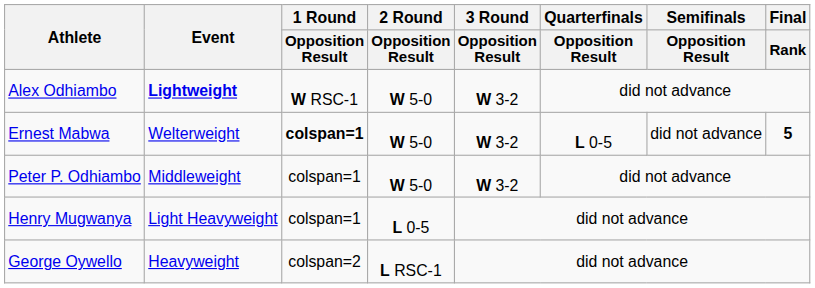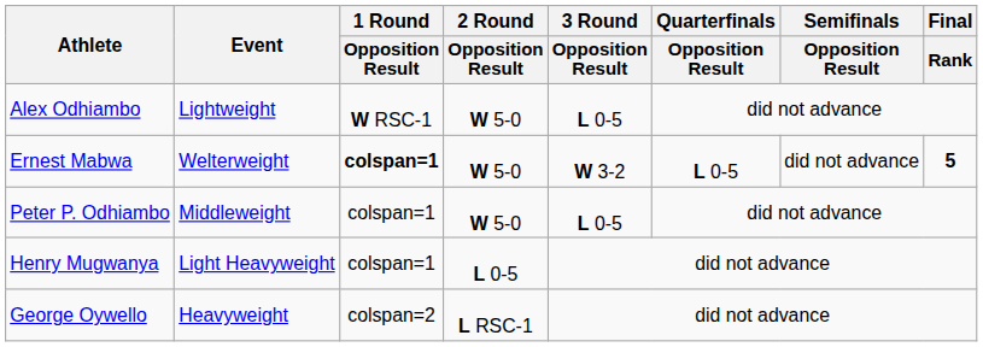 <table class="wikitable" style="font-size:90%">
 <tr>
 <th rowspan="2">Athlete</th>
 <th rowspan="2">Event</th>
 <th>1 Round</th>
 <th>2 Round</th>
 <th>3 Round</th>
 <th>Quarterfinals</th>
 <th>Semifinals</th>
 <th colspan=2>Final</th>
 </tr>
 <tr style="font-size:95%">
 <th>Opposition<br>Result</th>
 <th>Opposition<br>Result</th>
 <th>Opposition<br>Result</th>
 <th>Opposition<br>Result</th>
 <th>Opposition<br>Result</th>
 <th colspan=2>Rank</th>
 </tr>
 <tr align=center>
 <td align=left><a href='#'>Alex Odhiambo</a></td>
-<td align=left><strong><a href='#'>Lightweight</a></strong></td>
+<td align=left><a href='#'>Lightweight</a></td>
 <td><br><strong>W</strong> RSC-1</td>
 <td><br><strong>W</strong> 5-0</td>
-<td><br><strong>W</strong> 3-2</td>
+<td><br><strong>L</strong> 0-5</td>
 <td colspan=5>did not advance</td>
 </tr>
 <tr align=center>
 <td align=left><a href='#'>Ernest Mabwa</a></td>
 <td align=left><a href='#'>Welterweight</a></td>
 <td><strong>colspan=1 </strong></td>
 <td><br><strong>W</strong> 5-0</td>
 <td><br><strong>W</strong> 3-2</td>
 <td><br><strong>L</strong> 0-5</td>
 <td colspan=2>did not advance</td>
 <td><strong>5</strong></td>
 </tr>
 <tr align=center>
 <td align=left><a href='#'>Peter P. Odhiambo</a></td>
 <td align=left><a href='#'>Middleweight</a></td>
 <td>colspan=1 </td>
 <td><br><strong>W</strong> 5-0</td>
-<td><br><strong>W</strong> 3-2</td>
+<td><br><strong>L</strong> 0-5</td>
 <td colspan=5>did not advance</td>
 </tr>
 <tr align=center>
 <td align=left><a href='#'>Henry Mugwanya</a></td>
 <td align=left><a href='#'>Light Heavyweight</a></td>
 <td>colspan=1 </td>
 <td><br><strong>L</strong> 0-5</td>
 <td colspan=5>did not advance</td>
 </tr>
 <tr align=center>
 <td align=left><a href='#'>George Oywello</a></td>
 <td align=left><a href='#'>Heavyweight</a></td>
 <td>colspan=2 </td>
 <td><br><strong>L</strong> RSC-1</td>
 <td colspan=5>did not advance</td>
 </tr>
 </table>
